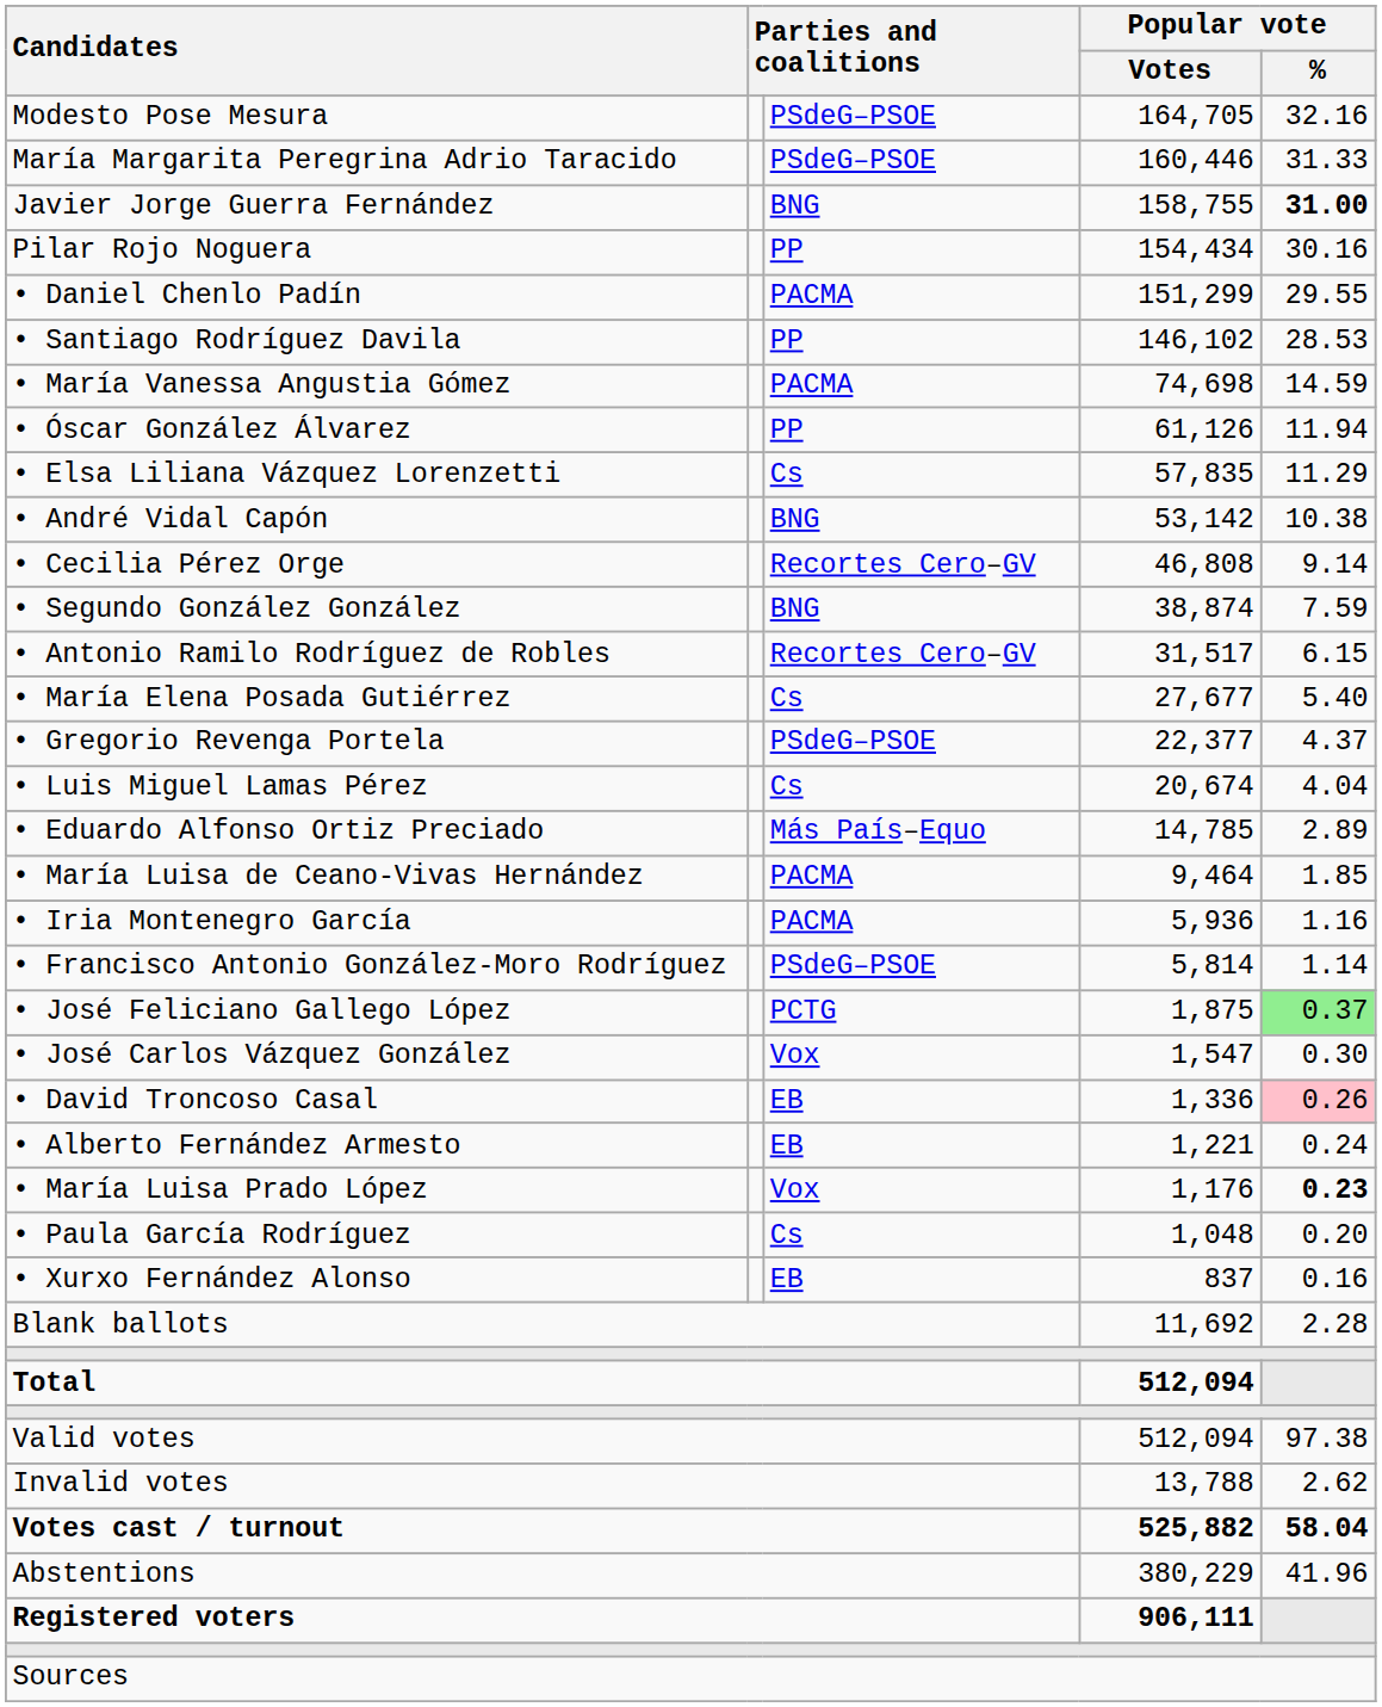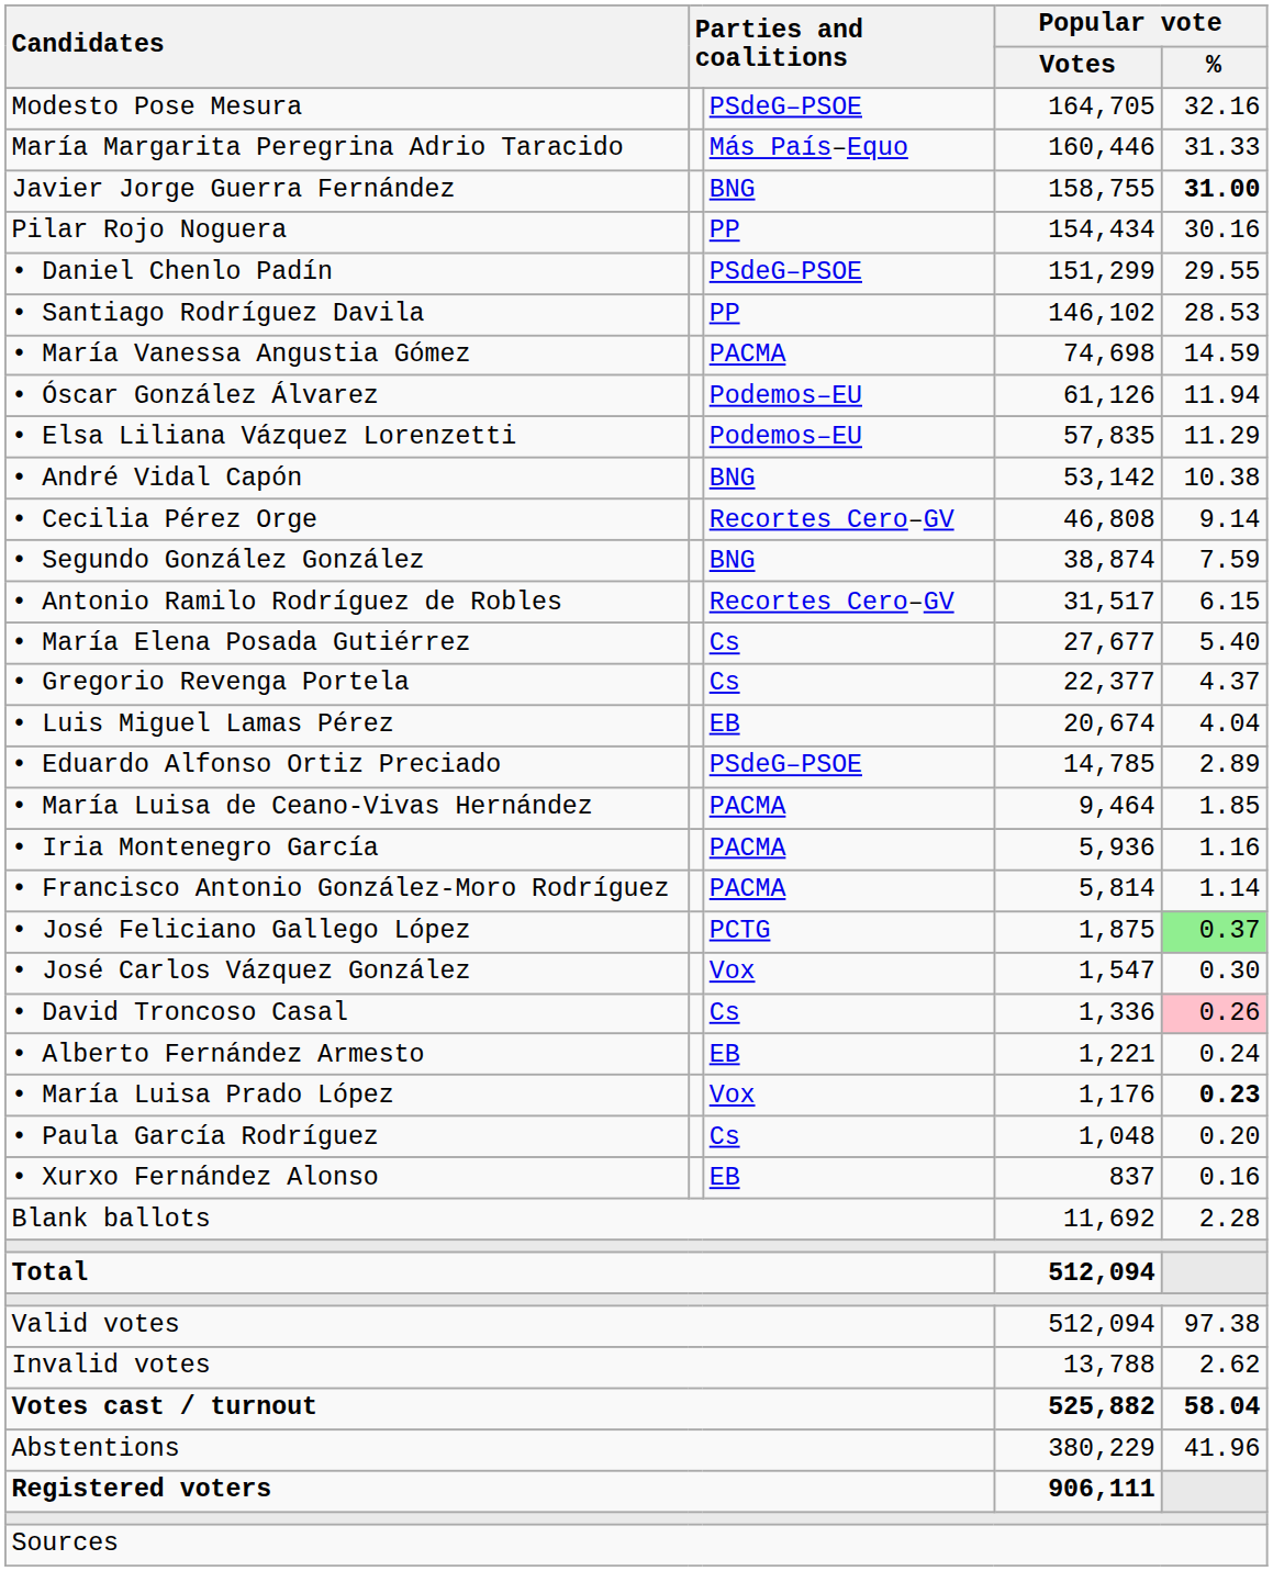 <table class="wikitable" style="text-align:right; font-size:95%;">
 <tr>
 <th style="text-align:left;" rowspan="2" width="325">Candidates</th>
 <th style="text-align:left;" rowspan="2" colspan="2" width="175">Parties and coalitions</th>
 <th colspan="2">Popular vote</th>
 </tr>
 <tr>
 <th width="75">Votes</th>
 <th width="45">%</th>
 </tr>
 <tr>
 <td align="left"> Modesto Pose Mesura</td>
 <td width="1" style="color:inherit;background:"></td>
 <td align="left"><a href='#'>PSdeG–PSOE</a></td>
 <td>164,705</td>
 <td>32.16</td>
 </tr>
 <tr>
 <td align="left"> María Margarita Peregrina Adrio Taracido</td>
 <td style="color:inherit;background:"></td>
-<td align="left"><a href='#'>PSdeG–PSOE</a></td>
+<td align="left"><a href='#'>Más País</a>–<a href='#'>Equo</a></td>
 <td>160,446</td>
 <td>31.33</td>
 </tr>
 <tr>
 <td align="left"> Javier Jorge Guerra Fernández</td>
 <td style="color:inherit;background:"></td>
 <td align="left"><a href='#'>BNG</a></td>
 <td>158,755</td>
 <td><strong>31.00</strong></td>
 </tr>
 <tr>
 <td align="left"> Pilar Rojo Noguera</td>
 <td style="color:inherit;background:"></td>
 <td align="left"><a href='#'>PP</a></td>
 <td>154,434</td>
 <td>30.16</td>
 </tr>
 <tr>
 <td align="left">• Daniel Chenlo Padín</td>
 <td style="color:inherit;background:"></td>
-<td align="left"><a href='#'>PACMA</a></td>
+<td align="left"><a href='#'>PSdeG–PSOE</a></td>
 <td>151,299</td>
 <td>29.55</td>
 </tr>
 <tr>
 <td align="left">• Santiago Rodríguez Davila</td>
 <td style="color:inherit;background:"></td>
 <td align="left"><a href='#'>PP</a></td>
 <td>146,102</td>
 <td>28.53</td>
 </tr>
 <tr>
 <td align="left">• María Vanessa Angustia Gómez</td>
 <td style="color:inherit;background:"></td>
 <td align="left"><a href='#'>PACMA</a></td>
 <td>74,698</td>
 <td>14.59</td>
 </tr>
 <tr>
 <td align="left">• Óscar González Álvarez</td>
 <td style="color:inherit;background:"></td>
-<td align="left"><a href='#'>PP</a></td>
+<td align="left"><a href='#'>Podemos–EU</a></td>
 <td>61,126</td>
 <td>11.94</td>
 </tr>
 <tr>
 <td align="left">• Elsa Liliana Vázquez Lorenzetti</td>
 <td style="color:inherit;background:"></td>
-<td align="left"><a href='#'>Cs</a></td>
+<td align="left"><a href='#'>Podemos–EU</a></td>
 <td>57,835</td>
 <td>11.29</td>
 </tr>
 <tr>
 <td align="left">• André Vidal Capón</td>
 <td style="color:inherit;background:"></td>
 <td align="left"><a href='#'>BNG</a></td>
 <td>53,142</td>
 <td>10.38</td>
 </tr>
 <tr>
 <td align="left">• Cecilia Pérez Orge</td>
 <td style="color:inherit;background:"></td>
 <td align="left"><a href='#'>Recortes Cero</a>–<a href='#'>GV</a></td>
 <td>46,808</td>
 <td>9.14</td>
 </tr>
 <tr>
 <td align="left">• Segundo González González</td>
 <td style="color:inherit;background:"></td>
 <td align="left"><a href='#'>BNG</a></td>
 <td>38,874</td>
 <td>7.59</td>
 </tr>
 <tr>
 <td align="left">• Antonio Ramilo Rodríguez de Robles</td>
 <td style="color:inherit;background:"></td>
 <td align="left"><a href='#'>Recortes Cero</a>–<a href='#'>GV</a></td>
 <td>31,517</td>
 <td>6.15</td>
 </tr>
 <tr>
 <td align="left">• María Elena Posada Gutiérrez</td>
 <td style="color:inherit;background:"></td>
 <td align="left"><a href='#'>Cs</a></td>
 <td>27,677</td>
 <td>5.40</td>
 </tr>
 <tr>
 <td align="left">• Gregorio Revenga Portela</td>
 <td style="color:inherit;background:"></td>
-<td align="left"><a href='#'>PSdeG–PSOE</a></td>
+<td align="left"><a href='#'>Cs</a></td>
 <td>22,377</td>
 <td>4.37</td>
 </tr>
 <tr>
 <td align="left">• Luis Miguel Lamas Pérez</td>
 <td style="color:inherit;background:"></td>
-<td align="left"><a href='#'>Cs</a></td>
+<td align="left"><a href='#'>EB</a></td>
 <td>20,674</td>
 <td>4.04</td>
 </tr>
 <tr>
 <td align="left">• Eduardo Alfonso Ortiz Preciado</td>
 <td style="color:inherit;background:"></td>
-<td align="left"><a href='#'>Más País</a>–<a href='#'>Equo</a></td>
+<td align="left"><a href='#'>PSdeG–PSOE</a></td>
 <td>14,785</td>
 <td>2.89</td>
 </tr>
 <tr>
 <td align="left">• María Luisa de Ceano-Vivas Hernández</td>
 <td style="color:inherit;background:"></td>
 <td align="left"><a href='#'>PACMA</a></td>
 <td>9,464</td>
 <td>1.85</td>
 </tr>
 <tr>
 <td align="left">• Iria Montenegro García</td>
 <td style="color:inherit;background:"></td>
 <td align="left"><a href='#'>PACMA</a></td>
 <td>5,936</td>
 <td>1.16</td>
 </tr>
 <tr>
 <td align="left">• Francisco Antonio González-Moro Rodríguez</td>
 <td style="color:inherit;background:"></td>
-<td align="left"><a href='#'>PSdeG–PSOE</a></td>
+<td align="left"><a href='#'>PACMA</a></td>
 <td>5,814</td>
 <td>1.14</td>
 </tr>
 <tr>
 <td align="left">• José Feliciano Gallego López</td>
 <td style="color:inherit;background:"></td>
 <td align="left"><a href='#'>PCTG</a></td>
 <td>1,875</td>
 <td style="background: lightgreen;">0.37</td>
 </tr>
 <tr>
 <td align="left">• José Carlos Vázquez González</td>
 <td style="color:inherit;background:"></td>
 <td align="left"><a href='#'>Vox</a></td>
 <td>1,547</td>
 <td>0.30</td>
 </tr>
 <tr>
 <td align="left">• David Troncoso Casal</td>
 <td style="color:inherit;background:"></td>
-<td align="left"><a href='#'>EB</a></td>
+<td align="left"><a href='#'>Cs</a></td>
 <td>1,336</td>
 <td style="background: pink;">0.26</td>
 </tr>
 <tr>
 <td align="left">• Alberto Fernández Armesto</td>
 <td style="color:inherit;background:"></td>
 <td align="left"><a href='#'>EB</a></td>
 <td>1,221</td>
 <td>0.24</td>
 </tr>
 <tr>
 <td align="left">• María Luisa Prado López</td>
 <td style="color:inherit;background:"></td>
 <td align="left"><a href='#'>Vox</a></td>
 <td>1,176</td>
 <td><strong>0.23</strong></td>
 </tr>
 <tr>
 <td align="left">• Paula García Rodríguez</td>
 <td style="color:inherit;background:"></td>
 <td align="left"><a href='#'>Cs</a></td>
 <td>1,048</td>
 <td>0.20</td>
 </tr>
 <tr>
 <td align="left">• Xurxo Fernández Alonso</td>
 <td style="color:inherit;background:"></td>
 <td align="left"><a href='#'>EB</a></td>
 <td>837</td>
 <td>0.16</td>
 </tr>
 <tr>
 <td align="left" colspan="3">Blank ballots</td>
 <td>11,692</td>
 <td>2.28</td>
 </tr>
 <tr>
 <td colspan="5" bgcolor="#E9E9E9"></td>
 </tr>
 <tr style="font-weight:bold;">
 <td align="left" colspan="3">Total</td>
 <td>512,094</td>
 <td bgcolor="#E9E9E9"></td>
 </tr>
 <tr>
 <td colspan="5" bgcolor="#E9E9E9"></td>
 </tr>
 <tr>
 <td align="left" colspan="3">Valid votes</td>
 <td>512,094</td>
 <td>97.38</td>
 </tr>
 <tr>
 <td align="left" colspan="3">Invalid votes</td>
 <td>13,788</td>
 <td>2.62</td>
 </tr>
 <tr style="font-weight:bold;">
 <td align="left" colspan="3">Votes cast / turnout</td>
 <td>525,882</td>
 <td>58.04</td>
 </tr>
 <tr>
 <td align="left" colspan="3">Abstentions</td>
 <td>380,229</td>
 <td>41.96</td>
 </tr>
 <tr style="font-weight:bold;">
 <td align="left" colspan="3">Registered voters</td>
 <td>906,111</td>
 <td bgcolor="#E9E9E9"></td>
 </tr>
 <tr>
 <td colspan="5" bgcolor="#E9E9E9"></td>
 </tr>
 <tr>
 <td align="left" colspan="5">Sources</td>
 </tr>
 </table>
